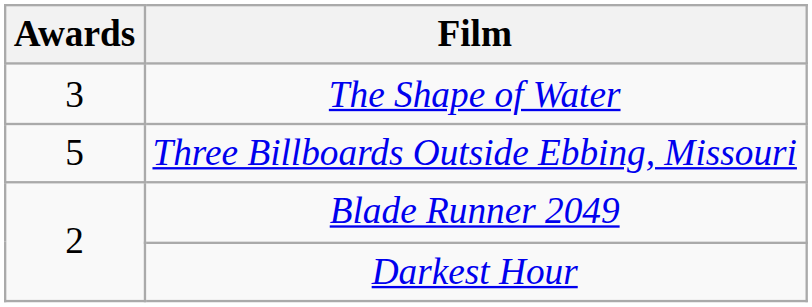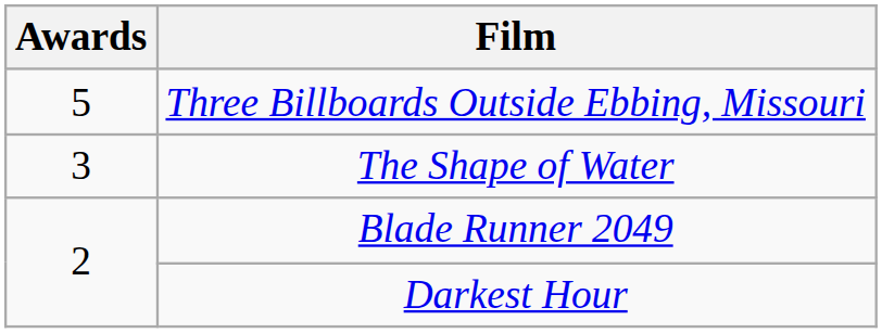 <table class="wikitable" style="text-align:center;">
 <tr>
 <th style="background:">Awards</th>
 <th style="background:">Film</th>
 </tr>
 <tr>
+<td>5</td>
+<td><em><a href='#'>Three Billboards Outside Ebbing, Missouri</a></em></td>
+</tr>
+<tr>
 <td>3</td>
 <td><em><a href='#'>The Shape of Water</a></em></td>
-</tr>
-<tr>
-<td>5</td>
-<td><em><a href='#'>Three Billboards Outside Ebbing, Missouri</a></em></td>
 </tr>
 <tr>
 <td rowspan="2">2</td>
 <td><em><a href='#'>Blade Runner 2049</a></em></td>
 </tr>
 <tr>
 <td><em><a href='#'>Darkest Hour</a></em></td>
 </tr>
 </table>
